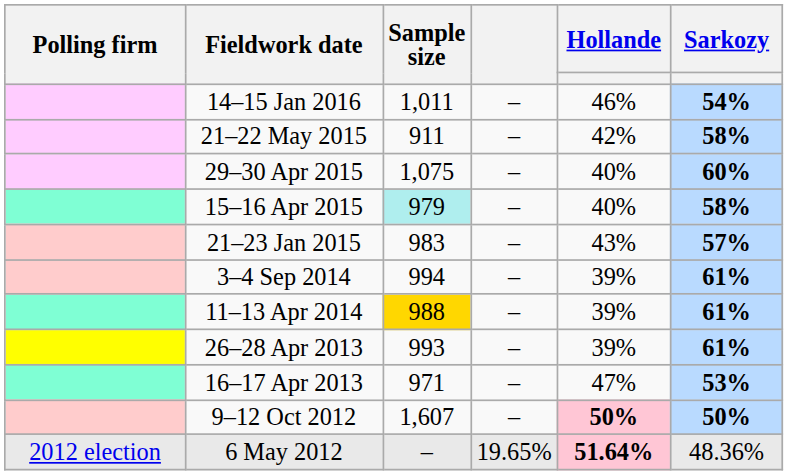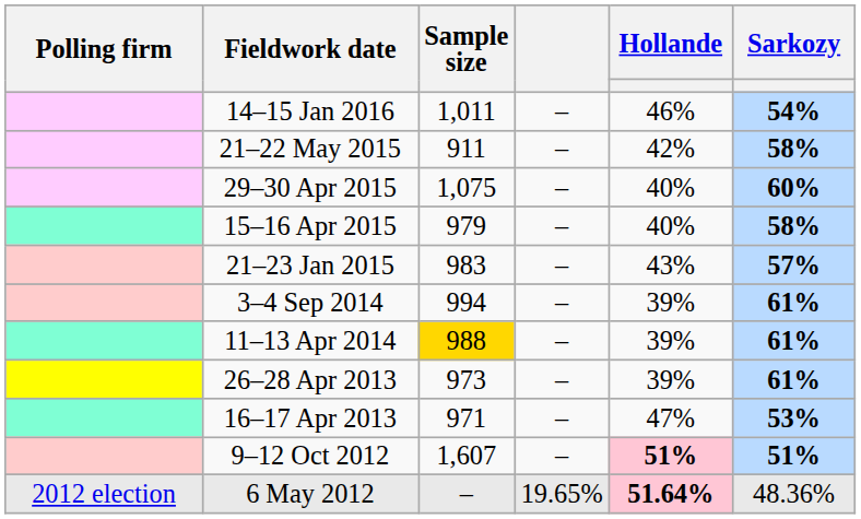 <table class="wikitable sortable" style="text-align:center;font-size:90%;line-height:14px;">
 <tr style="height:40px;">
 <th style="width:100px;" rowspan="2">Polling firm</th>
 <th style="width:110px;" rowspan="2">Fieldwork date</th>
 <th style="width:35px;" rowspan="2">Sample<br>size</th>
 <th style="width:30px;" rowspan="2"></th>
 <th class="unsortable" style="width:60px;"><a href='#'>Hollande</a><br></th>
 <th class="unsortable" style="width:60px;"><a href='#'>Sarkozy</a><br></th>
 </tr>
 <tr>
 <th style="background:"></th>
 <th style="background:"></th>
 </tr>
 <tr>
 <td style="background:#FFCCFF;"></td>
 <td data-sort-value="2016-01-15">14–15 Jan 2016</td>
 <td>1,011</td>
 <td>–</td>
 <td>46%</td>
 <td style="background:#B9DAFF;"><strong>54%</strong></td>
 </tr>
 <tr>
 <td style="background:#FFCCFF;"></td>
 <td data-sort-value="2015-05-22">21–22 May 2015</td>
 <td>911</td>
 <td>–</td>
 <td>42%</td>
 <td style="background:#B9DAFF;"><strong>58%</strong></td>
 </tr>
 <tr>
 <td style="background:#FFCCFF;"></td>
 <td data-sort-value="2015-04-30">29–30 Apr 2015</td>
 <td>1,075</td>
 <td>–</td>
 <td>40%</td>
 <td style="background:#B9DAFF;"><strong>60%</strong></td>
 </tr>
 <tr>
 <td style="background:aquamarine;"></td>
 <td data-sort-value="2015-04-16">15–16 Apr 2015</td>
-<td style="background: paleturquoise;">979</td>
+<td>979</td>
 <td>–</td>
 <td>40%</td>
 <td style="background:#B9DAFF;"><strong>58%</strong></td>
 </tr>
 <tr>
 <td style="background:#FFCCCC;"></td>
 <td data-sort-value="2015-01-23">21–23 Jan 2015</td>
 <td>983</td>
 <td>–</td>
 <td>43%</td>
 <td style="background:#B9DAFF;"><strong>57%</strong></td>
 </tr>
 <tr>
 <td style="background:#FFCCCC;"></td>
 <td data-sort-value="2014-09-04">3–4 Sep 2014</td>
 <td>994</td>
 <td>–</td>
 <td>39%</td>
 <td style="background:#B9DAFF;"><strong>61%</strong></td>
 </tr>
 <tr>
 <td style="background:aquamarine;"></td>
 <td data-sort-value="2014-04-13">11–13 Apr 2014</td>
 <td style="background: gold;">988</td>
 <td>–</td>
 <td>39%</td>
 <td style="background:#B9DAFF;"><strong>61%</strong></td>
 </tr>
 <tr>
 <td style="background:yellow;"></td>
 <td data-sort-value="2013-04-28">26–28 Apr 2013</td>
-<td>993</td>
+<td>973</td>
 <td>–</td>
 <td>39%</td>
 <td style="background:#B9DAFF;"><strong>61%</strong></td>
 </tr>
 <tr>
 <td style="background:aquamarine;"></td>
 <td data-sort-value="2013-04-17">16–17 Apr 2013</td>
 <td>971</td>
 <td>–</td>
 <td>47%</td>
 <td style="background:#B9DAFF;"><strong>53%</strong></td>
 </tr>
 <tr>
 <td style="background:#FFCCCC;"></td>
 <td data-sort-value="2012-10-12">9–12 Oct 2012</td>
 <td>1,607</td>
 <td>–</td>
-<td style="background:#FFC6D5;"><strong>50%</strong></td>
-<td style="background:#B9DAFF;"><strong>50%</strong></td>
+<td style="background:#FFC6D5;"><strong>51%</strong></td>
+<td style="background:#B9DAFF;"><strong>51%</strong></td>
 </tr>
 <tr style="background:#E9E9E9;">
 <td><a href='#'>2012 election</a></td>
 <td data-sort-value="2012-05-06">6 May 2012</td>
 <td>–</td>
 <td>19.65%</td>
 <td style="background:#FFC6D5;"><strong>51.64%</strong></td>
 <td>48.36%</td>
 </tr>
 </table>
